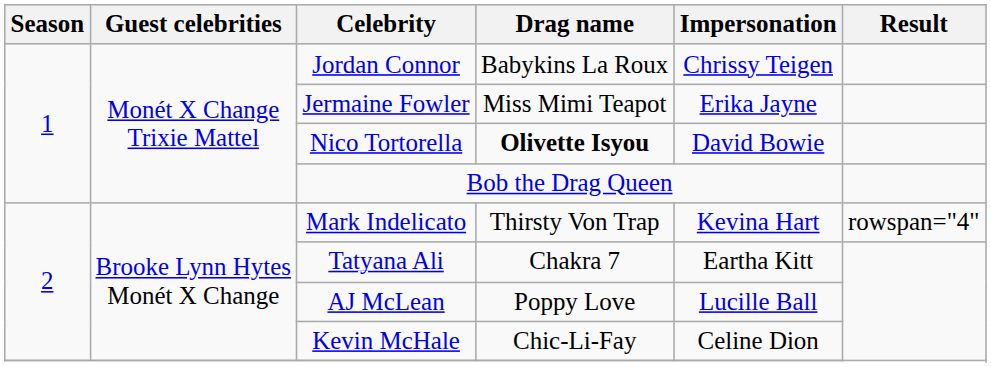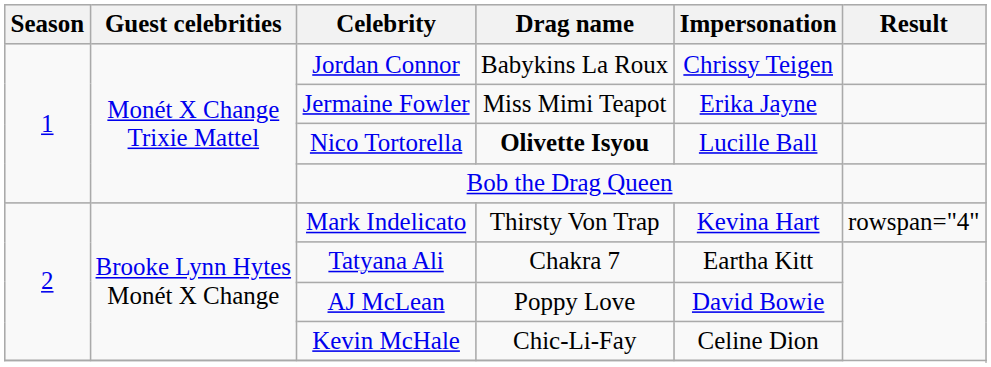 <table class="wikitable" style="text-align:center;">
 <tr>
 <th>Season</th>
 <th>Guest celebrities</th>
 <th>Celebrity</th>
 <th>Drag name</th>
 <th>Impersonation</th>
 <th>Result</th>
 </tr>
 <tr>
 <td rowspan="4"><a href='#'>1</a></td>
 <td rowspan="4"><a href='#'>Monét X Change</a><br><a href='#'>Trixie Mattel</a></td>
 <td><a href='#'>Jordan Connor</a></td>
 <td nowrap>Babykins La Roux</td>
 <td><a href='#'>Chrissy Teigen</a></td>
 <td></td>
 </tr>
 <tr>
 <td nowrap><a href='#'>Jermaine Fowler</a></td>
 <td>Miss Mimi Teapot</td>
 <td><a href='#'>Erika Jayne</a></td>
 <td></td>
 </tr>
 <tr>
 <td><a href='#'>Nico Tortorella</a></td>
 <td><strong>Olivette Isyou</strong></td>
-<td><a href='#'>David Bowie</a></td>
+<td><a href='#'>Lucille Ball</a></td>
 <td></td>
 </tr>
 <tr>
 <td colspan="3"><a href='#'>Bob the Drag Queen</a></td>
 <td></td>
 </tr>
 <tr>
 <td rowspan="4"><a href='#'>2</a></td>
 <td rowspan="4"><a href='#'>Brooke Lynn Hytes</a><br>Monét X Change</td>
 <td><a href='#'>Mark Indelicato</a></td>
 <td>Thirsty Von Trap</td>
 <td><a href='#'>Kevina Hart</a></td>
 <td>rowspan="4" </td>
 </tr>
 <tr>
 <td><a href='#'>Tatyana Ali</a></td>
 <td>Chakra 7</td>
 <td>Eartha Kitt</td>
 </tr>
 <tr>
 <td><a href='#'>AJ McLean</a></td>
 <td>Poppy Love</td>
-<td><a href='#'>Lucille Ball</a></td>
+<td><a href='#'>David Bowie</a></td>
 </tr>
 <tr>
 <td><a href='#'>Kevin McHale</a></td>
 <td>Chic-Li-Fay</td>
 <td>Celine Dion</td>
 </tr>
 <tr>
 </tr>
 </table>
